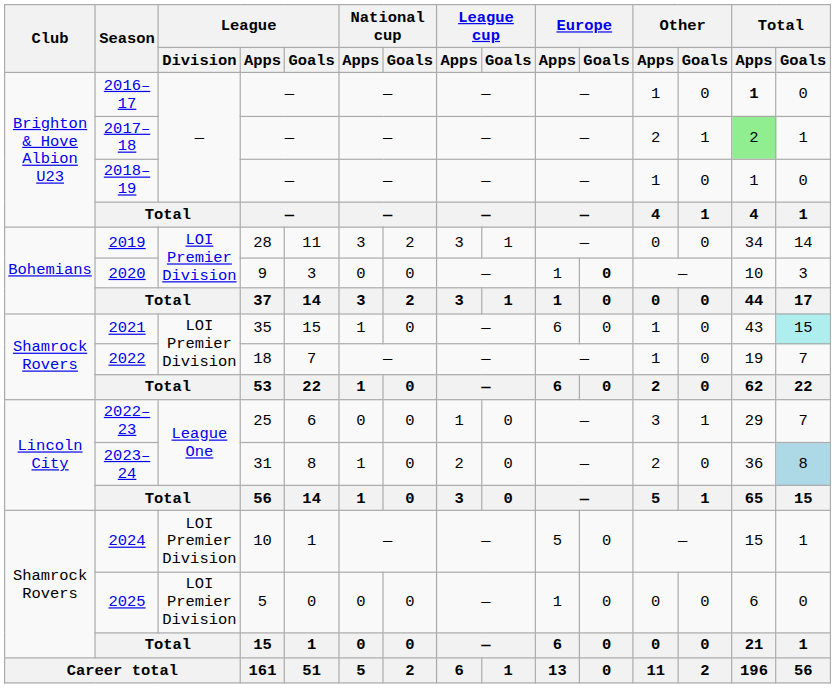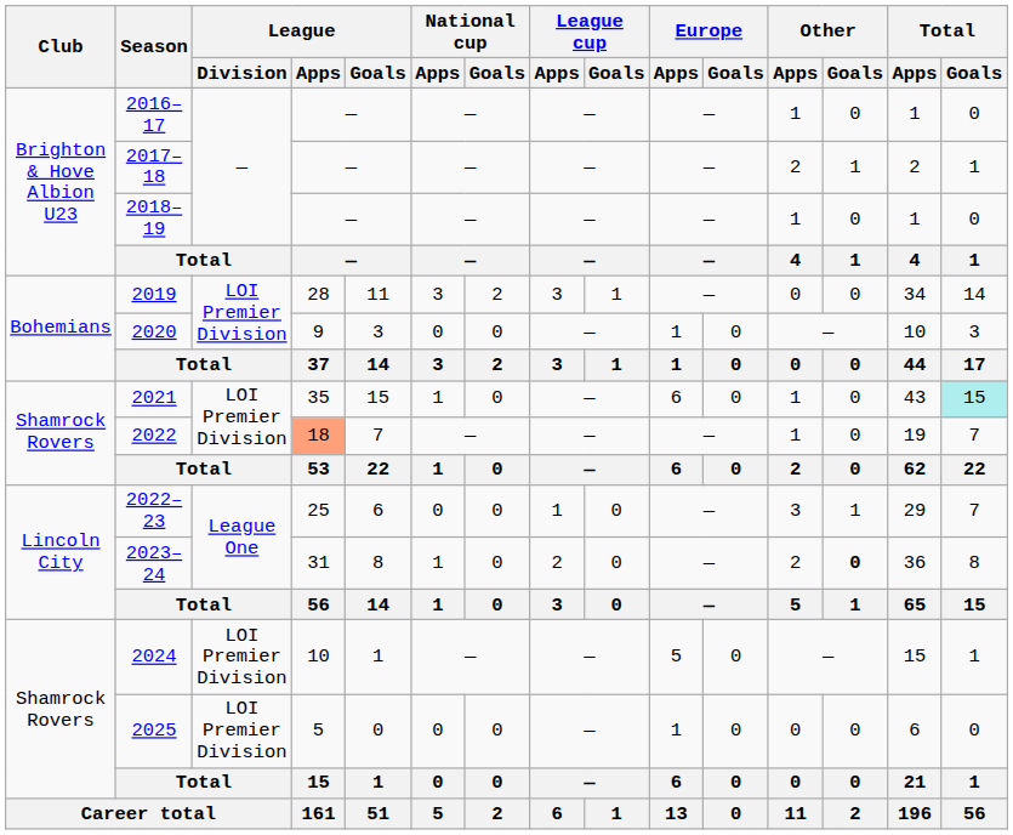 <table class="wikitable" style="text-align:center">
 <tr>
 <th rowspan="2">Club</th>
 <th rowspan="2">Season</th>
 <th colspan="3">League</th>
 <th colspan="2">National cup</th>
 <th colspan="2"><a href='#'>League cup</a></th>
 <th colspan="2"><a href='#'>Europe</a></th>
 <th colspan="2">Other</th>
 <th colspan="2">Total</th>
 </tr>
 <tr>
 <th>Division</th>
 <th>Apps</th>
 <th>Goals</th>
 <th>Apps</th>
 <th>Goals</th>
 <th>Apps</th>
 <th>Goals</th>
 <th>Apps</th>
 <th>Goals</th>
 <th>Apps</th>
 <th>Goals</th>
 <th>Apps</th>
 <th>Goals</th>
 </tr>
 <tr>
 <td rowspan="4"><a href='#'>Brighton & Hove Albion U23</a></td>
 <td><a href='#'>2016–17</a></td>
 <td rowspan="3">—</td>
 <td colspan="2">—</td>
 <td colspan="2">—</td>
 <td colspan="2">—</td>
 <td colspan="2">—</td>
 <td>1</td>
 <td>0</td>
-<td><strong>1</strong></td>
+<td>1</td>
 <td>0</td>
 </tr>
 <tr>
 <td><a href='#'>2017–18</a></td>
 <td colspan="2">—</td>
 <td colspan="2">—</td>
 <td colspan="2">—</td>
 <td colspan="2">—</td>
 <td>2</td>
 <td>1</td>
-<td style="background: lightgreen;">2</td>
+<td>2</td>
 <td>1</td>
 </tr>
 <tr>
 <td><a href='#'>2018–19</a></td>
 <td colspan="2">—</td>
 <td colspan="2">—</td>
 <td colspan="2">—</td>
 <td colspan="2">—</td>
 <td>1</td>
 <td>0</td>
 <td>1</td>
 <td>0</td>
 </tr>
 <tr>
 <th colspan="2">Total</th>
 <th colspan="2">—</th>
 <th colspan="2">—</th>
 <th colspan="2">—</th>
 <th colspan="2">—</th>
 <th>4</th>
 <th>1</th>
 <th>4</th>
 <th>1</th>
 </tr>
 <tr>
 <td rowspan="3"><a href='#'>Bohemians</a></td>
 <td><a href='#'>2019</a></td>
 <td rowspan="2"><a href='#'>LOI Premier Division</a></td>
 <td>28</td>
 <td>11</td>
 <td>3</td>
 <td>2</td>
 <td>3</td>
 <td>1</td>
 <td colspan="2">—</td>
 <td>0</td>
 <td>0</td>
 <td>34</td>
 <td>14</td>
 </tr>
 <tr>
 <td><a href='#'>2020</a></td>
 <td>9</td>
 <td>3</td>
 <td>0</td>
 <td>0</td>
 <td colspan=2>—</td>
 <td>1</td>
-<td><strong>0</strong></td>
+<td>0</td>
 <td colspan=2>—</td>
 <td>10</td>
 <td>3</td>
 </tr>
 <tr>
 <th colspan="2">Total</th>
 <th>37</th>
 <th>14</th>
 <th>3</th>
 <th>2</th>
 <th>3</th>
 <th>1</th>
 <th>1</th>
 <th>0</th>
 <th>0</th>
 <th>0</th>
 <th>44</th>
 <th>17</th>
 </tr>
 <tr>
 <td rowspan="3"><a href='#'>Shamrock Rovers</a></td>
 <td><a href='#'>2021</a></td>
 <td rowspan="2">LOI Premier Division</td>
 <td>35</td>
 <td>15</td>
 <td>1</td>
 <td>0</td>
 <td colspan=2>—</td>
 <td>6</td>
 <td>0</td>
 <td>1</td>
 <td>0</td>
 <td>43</td>
 <td style="background: paleturquoise;">15</td>
 </tr>
 <tr>
 <td><a href='#'>2022</a></td>
-<td>18</td>
+<td style="background: lightsalmon;">18</td>
 <td>7</td>
 <td colspan=2>—</td>
 <td colspan=2>—</td>
 <td colspan=2>—</td>
 <td>1</td>
 <td>0</td>
 <td>19</td>
 <td>7</td>
 </tr>
 <tr>
 <th colspan="2">Total</th>
 <th>53</th>
 <th>22</th>
 <th>1</th>
 <th>0</th>
 <th colspan=2>—</th>
 <th>6</th>
 <th>0</th>
 <th>2</th>
 <th>0</th>
 <th>62</th>
 <th>22</th>
 </tr>
 <tr>
 <td rowspan="3"><a href='#'>Lincoln City</a></td>
 <td><a href='#'>2022–23</a></td>
 <td rowspan="2"><a href='#'>League One</a></td>
 <td>25</td>
 <td>6</td>
 <td>0</td>
 <td>0</td>
 <td>1</td>
 <td>0</td>
 <td colspan=2>—</td>
 <td>3</td>
 <td>1</td>
 <td>29</td>
 <td>7</td>
 </tr>
 <tr>
 <td><a href='#'>2023–24</a></td>
 <td>31</td>
 <td>8</td>
 <td>1</td>
 <td>0</td>
 <td>2</td>
 <td>0</td>
 <td colspan=2>—</td>
 <td>2</td>
-<td>0</td>
+<td><strong>0</strong></td>
 <td>36</td>
-<td style="background: lightblue;">8</td>
+<td>8</td>
 </tr>
 <tr>
 <th colspan="2">Total</th>
 <th>56</th>
 <th>14</th>
 <th>1</th>
 <th>0</th>
 <th>3</th>
 <th>0</th>
 <th colspan=2>—</th>
 <th>5</th>
 <th>1</th>
 <th>65</th>
 <th>15</th>
 </tr>
 <tr>
 <td rowspan="3">Shamrock Rovers</td>
 <td><a href='#'>2024</a></td>
 <td>LOI Premier Division</td>
 <td>10</td>
 <td>1</td>
 <td colspan=2>—</td>
 <td colspan=2>—</td>
 <td>5</td>
 <td>0</td>
 <td colspan=2>—</td>
 <td>15</td>
 <td>1</td>
 </tr>
 <tr>
 <td><a href='#'>2025</a></td>
 <td>LOI Premier Division</td>
 <td>5</td>
 <td>0</td>
 <td>0</td>
 <td>0</td>
 <td colspan=2>—</td>
 <td>1</td>
 <td>0</td>
 <td>0</td>
 <td>0</td>
 <td>6</td>
 <td>0</td>
 </tr>
 <tr>
 <th colspan="2">Total</th>
 <th>15</th>
 <th>1</th>
 <th>0</th>
 <th>0</th>
 <th colspan=2>—</th>
 <th>6</th>
 <th>0</th>
 <th>0</th>
 <th>0</th>
 <th>21</th>
 <th>1</th>
 </tr>
 <tr>
 <th colspan="3">Career total</th>
 <th>161</th>
 <th>51</th>
 <th>5</th>
 <th>2</th>
 <th>6</th>
 <th>1</th>
 <th>13</th>
 <th>0</th>
 <th>11</th>
 <th>2</th>
 <th>196</th>
 <th>56</th>
 </tr>
 </table>
